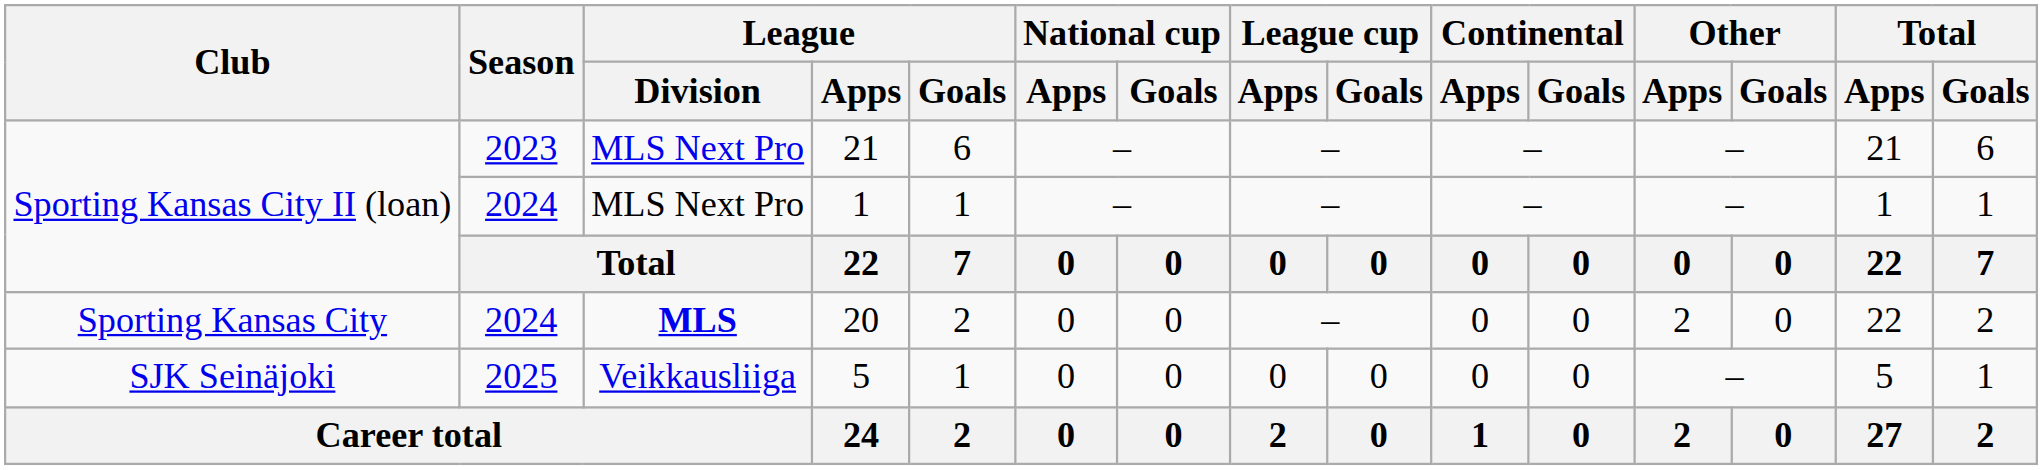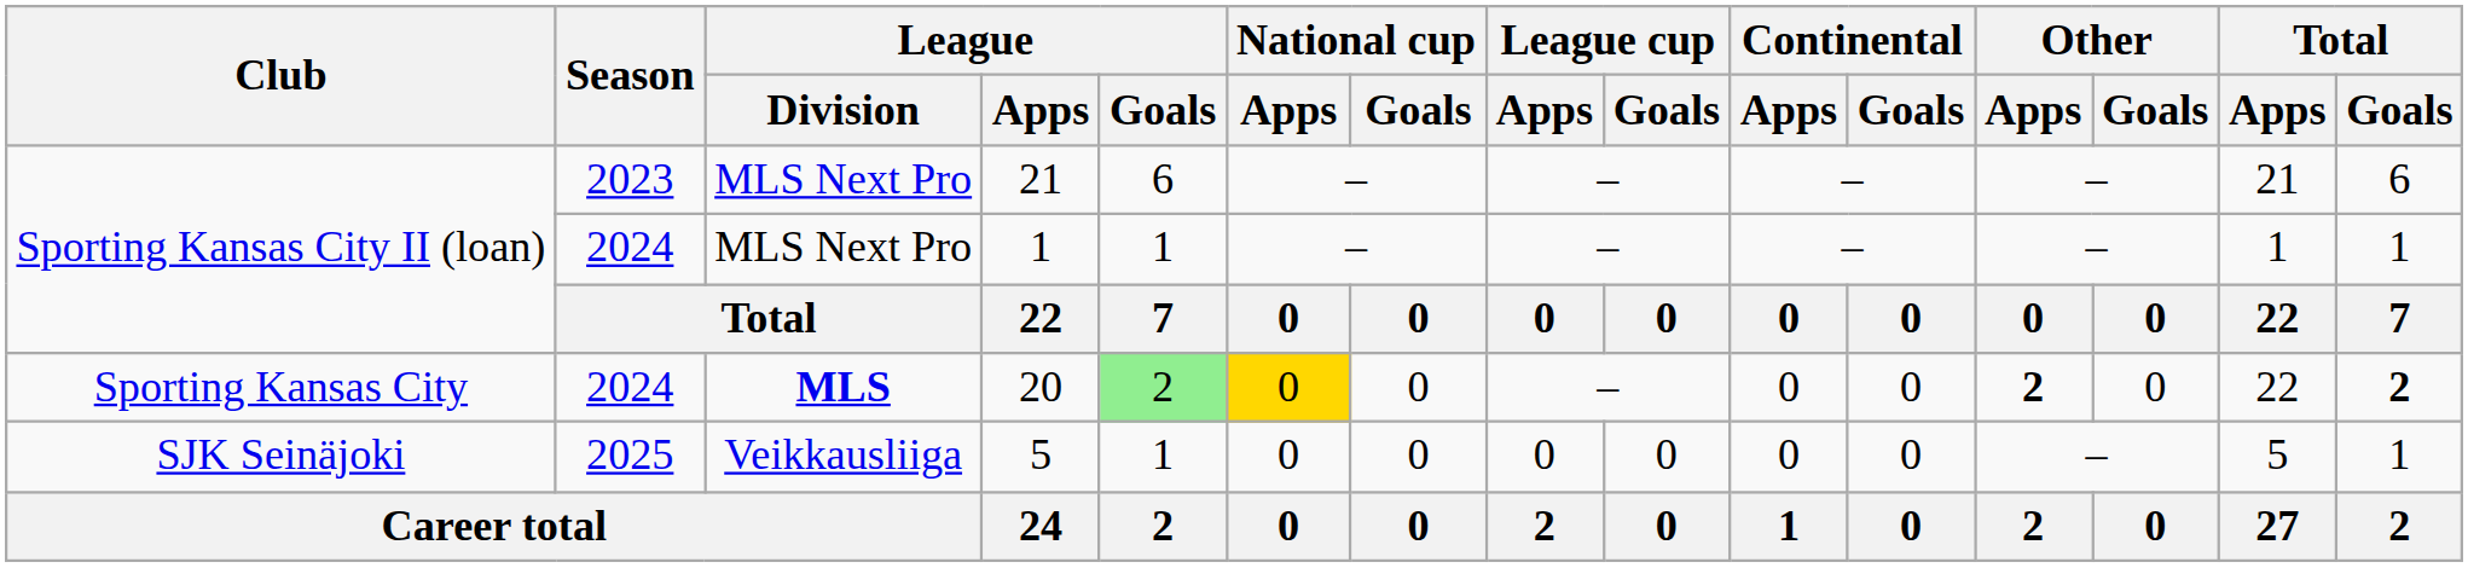 <table class="wikitable" style="text-align:center">
 <tr>
 <th rowspan="2">Club</th>
 <th rowspan="2">Season</th>
 <th colspan="3">League</th>
 <th colspan="2">National cup</th>
 <th colspan="2">League cup</th>
 <th colspan="2">Continental</th>
 <th colspan="2">Other</th>
 <th colspan="2">Total</th>
 </tr>
 <tr>
 <th>Division</th>
 <th>Apps</th>
 <th>Goals</th>
 <th>Apps</th>
 <th>Goals</th>
 <th>Apps</th>
 <th>Goals</th>
 <th>Apps</th>
 <th>Goals</th>
 <th>Apps</th>
 <th>Goals</th>
 <th>Apps</th>
 <th>Goals</th>
 </tr>
 <tr>
 <td rowspan=3><a href='#'>Sporting Kansas City II</a> (loan)</td>
 <td><a href='#'>2023</a></td>
 <td><a href='#'>MLS Next Pro</a></td>
 <td>21</td>
 <td>6</td>
 <td colspan=2>–</td>
 <td colspan=2>–</td>
 <td colspan=2>–</td>
 <td colspan=2>–</td>
 <td>21</td>
 <td>6</td>
 </tr>
 <tr>
 <td><a href='#'>2024</a></td>
 <td>MLS Next Pro</td>
 <td>1</td>
 <td>1</td>
 <td colspan=2>–</td>
 <td colspan=2>–</td>
 <td colspan=2>–</td>
 <td colspan=2>–</td>
 <td>1</td>
 <td>1</td>
 </tr>
 <tr>
 <th colspan=2>Total</th>
 <th>22</th>
 <th>7</th>
 <th>0</th>
 <th>0</th>
 <th>0</th>
 <th>0</th>
 <th>0</th>
 <th>0</th>
 <th>0</th>
 <th>0</th>
 <th>22</th>
 <th>7</th>
 </tr>
 <tr>
 <td><a href='#'>Sporting Kansas City</a></td>
 <td><a href='#'>2024</a></td>
 <td><strong><a href='#'>MLS</a></strong></td>
 <td>20</td>
-<td>2</td>
-<td>0</td>
+<td style="background: lightgreen;">2</td>
+<td style="background: gold;">0</td>
 <td>0</td>
 <td colspan=2>–</td>
 <td>0</td>
 <td>0</td>
-<td>2</td>
+<td><strong>2</strong></td>
 <td>0</td>
 <td>22</td>
-<td>2</td>
+<td><strong>2</strong></td>
 </tr>
 <tr>
 <td><a href='#'>SJK Seinäjoki</a></td>
 <td><a href='#'>2025</a></td>
 <td><a href='#'>Veikkausliiga</a></td>
 <td>5</td>
 <td>1</td>
 <td>0</td>
 <td>0</td>
 <td>0</td>
 <td>0</td>
 <td>0</td>
 <td>0</td>
 <td colspan=2>–</td>
 <td>5</td>
 <td>1</td>
 </tr>
 <tr>
 <th colspan="3">Career total</th>
 <th>24</th>
 <th>2</th>
 <th>0</th>
 <th>0</th>
 <th>2</th>
 <th>0</th>
 <th>1</th>
 <th>0</th>
 <th>2</th>
 <th>0</th>
 <th>27</th>
 <th>2</th>
 </tr>
 </table>
